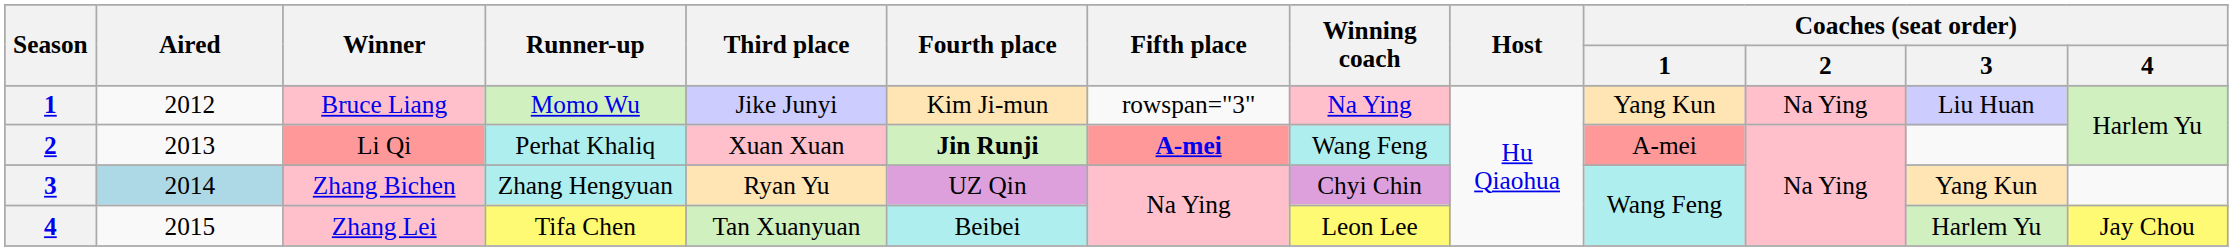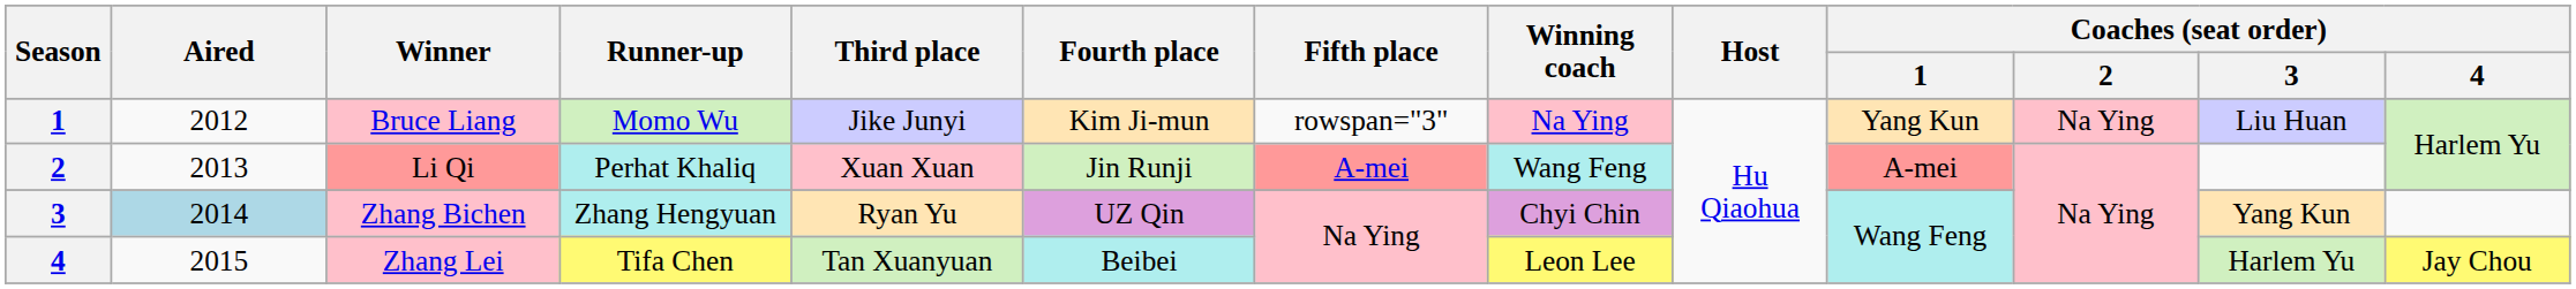 <table class="wikitable" style="text-align:center; font-size:90%; line-height:16px; width:100%">
 <tr>
 <th rowspan="2" scope="col" width="01%">Season</th>
 <th rowspan="2" scope="col" width="07%">Aired</th>
 <th rowspan="2" scope="col" width="7.5%">Winner</th>
 <th rowspan="2" scope="col" width="7.5%">Runner-up</th>
 <th rowspan="2" scope="col" width="7.5%">Third place</th>
 <th rowspan="2" scope="col" width="7.5%">Fourth place</th>
 <th rowspan="2" scope="col" width="7.5%">Fifth place</th>
 <th rowspan="2" scope="col" width="06%">Winning coach</th>
 <th rowspan="2" scope="col" width="05%">Host</th>
 <th colspan="4" scope="col" width="20%">Coaches (seat order)</th>
 </tr>
 <tr>
 <th width="6%">1</th>
 <th width="6%">2</th>
 <th width="6%">3</th>
 <th width="6%">4</th>
 </tr>
 <tr>
 <th scope="row"><a href='#'>1</a></th>
 <td>2012</td>
 <td style="background:pink"><a href='#'>Bruce Liang</a></td>
 <td style="background:#d0f0c0"><a href='#'>Momo Wu</a></td>
 <td style="background:#ccccff">Jike Junyi</td>
 <td style="background:#ffe5b4">Kim Ji-mun</td>
 <td>rowspan="3" </td>
 <td style="background:pink"><a href='#'>Na Ying</a></td>
 <td rowspan="4"><a href='#'>Hu Qiaohua</a></td>
 <td style="background:#ffe5b4">Yang Kun</td>
 <td style="background:pink">Na Ying</td>
 <td style="background:#ccccff">Liu Huan</td>
 <td style="background:#d0f0c0" rowspan="2">Harlem Yu</td>
 </tr>
 <tr>
 <th scope="row"><a href='#'>2</a></th>
 <td>2013</td>
 <td style="background:#ff9999">Li Qi</td>
 <td style="background:#afeeee">Perhat Khaliq</td>
 <td style="background:pink">Xuan Xuan</td>
-<td style="background:#d0f0c0"><strong>Jin Runji</strong></td>
-<td style="background:#ff9999"><strong><a href='#'>A-mei</a></strong></td>
+<td style="background:#d0f0c0">Jin Runji</td>
+<td style="background:#ff9999"><a href='#'>A-mei</a></td>
 <td style="background:#afeeee">Wang Feng</td>
 <td style="background:#ff9999">A-mei</td>
 <td style="background:pink" rowspan="3">Na Ying</td>
 </tr>
 <tr>
 <th scope="row"><a href='#'>3</a></th>
 <td style="background: lightblue;">2014</td>
 <td style="background:pink"><a href='#'>Zhang Bichen</a></td>
 <td style="background:#afeeee">Zhang Hengyuan</td>
 <td style="background:#ffe5b4">Ryan Yu</td>
 <td style="background:#dda0dd">UZ Qin</td>
 <td style="background:pink" rowspan="2">Na Ying</td>
 <td style="background:#dda0dd">Chyi Chin</td>
 <td style="background:#afeeee" rowspan=2"">Wang Feng</td>
 <td style="background:#ffe5b4">Yang Kun</td>
 </tr>
 <tr>
 <th scope="row"><a href='#'>4</a></th>
 <td>2015</td>
 <td style="background:pink"><a href='#'>Zhang Lei</a></td>
 <td style="background:#fffa73">Tifa Chen</td>
 <td style="background:#d0f0c0">Tan Xuanyuan</td>
 <td style="background:#afeeee">Beibei</td>
 <td style="background:#fffa73">Leon Lee</td>
 <td style="background:#d0f0c0">Harlem Yu</td>
 <td style="background:#fffa73">Jay Chou</td>
 </tr>
 </table>
